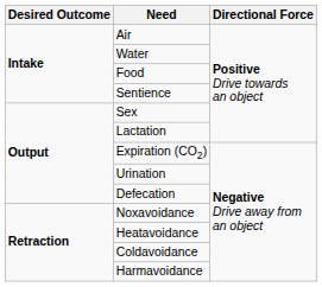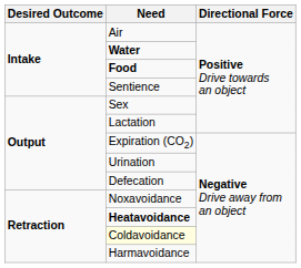 <table class="wikitable">
 <tr>
 <th>Desired Outcome</th>
 <th>Need</th>
 <th>Directional Force</th>
 </tr>
 <tr>
 <td rowspan="4"><strong>Intake</strong></td>
 <td>Air</td>
 <td rowspan="6"><strong>Positive</strong><br><em>Drive towards</em><br><em>an object</em></td>
 </tr>
 <tr>
-<td>Water</td>
+<td><strong>Water</strong></td>
 </tr>
 <tr>
-<td>Food</td>
+<td><strong>Food</strong></td>
 </tr>
 <tr>
 <td>Sentience</td>
 </tr>
 <tr>
 <td rowspan="5"><strong>Output</strong></td>
 <td>Sex</td>
 </tr>
 <tr>
 <td>Lactation</td>
 </tr>
 <tr>
 <td>Expiration (CO<sub>2</sub>)</td>
 <td rowspan="7"><strong>Negative</strong><br><em>Drive away from</em><br><em>an object</em></td>
 </tr>
 <tr>
 <td>Urination</td>
 </tr>
 <tr>
 <td>Defecation</td>
 </tr>
 <tr>
 <td rowspan="4"><strong>Retraction</strong></td>
 <td>Noxavoidance</td>
 </tr>
 <tr>
-<td>Heatavoidance</td>
+<td><strong>Heatavoidance</strong></td>
 </tr>
 <tr>
-<td>Coldavoidance</td>
+<td style="background: lightyellow;">Coldavoidance</td>
 </tr>
 <tr>
 <td>Harmavoidance</td>
 </tr>
 </table>
